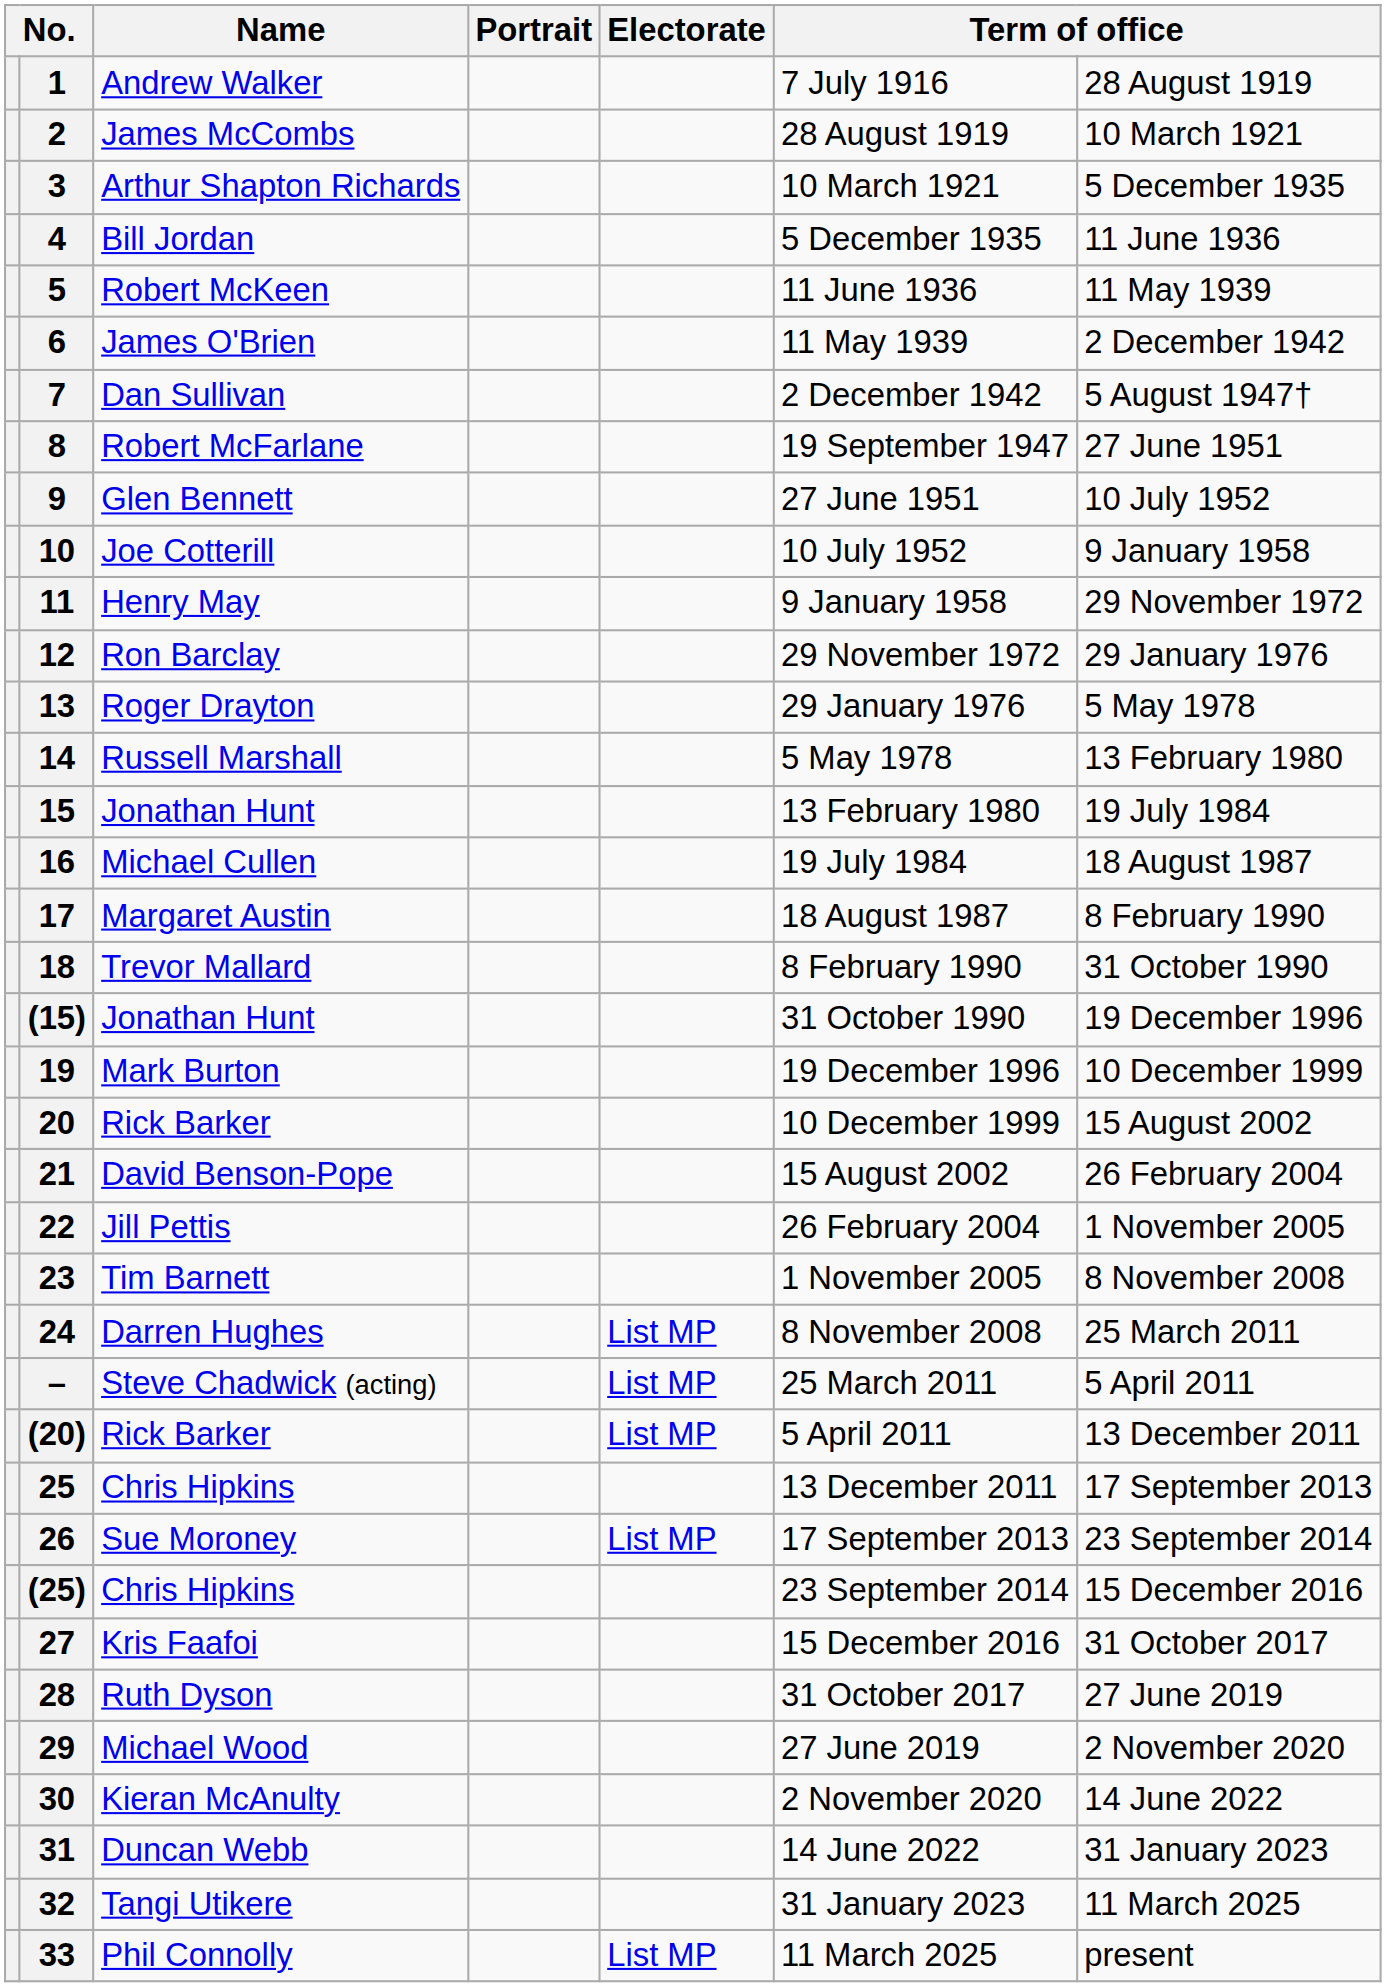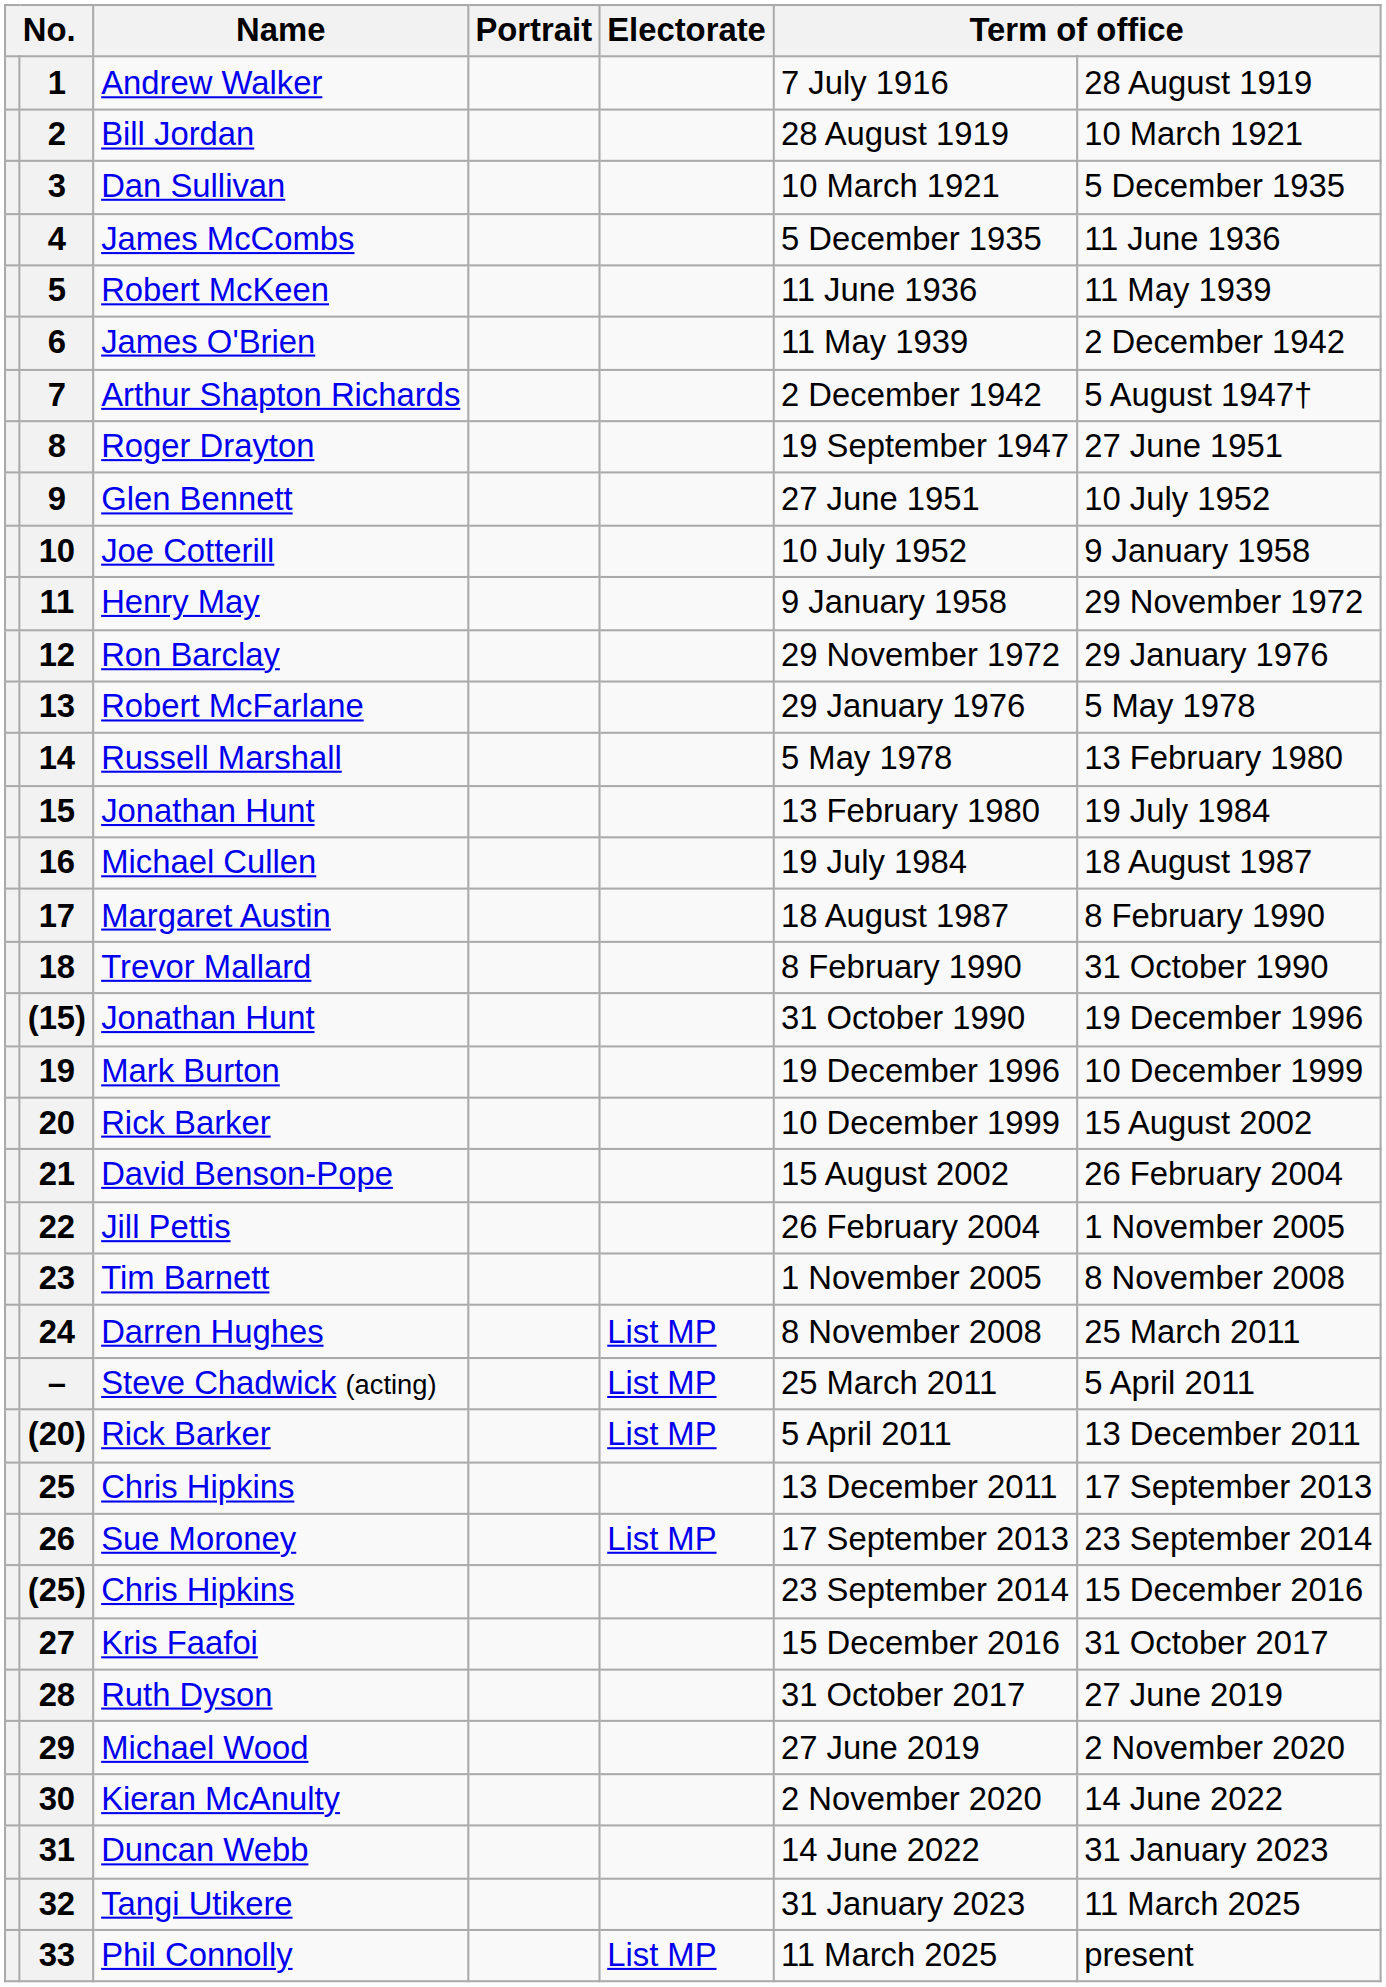 <table class="wikitable">
 <tr>
 <th colspan=2>No.</th>
 <th>Name</th>
 <th>Portrait</th>
 <th>Electorate</th>
 <th colspan=2>Term  of office</th>
 </tr>
 <tr>
 <th style="background:"></th>
 <th>1</th>
 <td><a href='#'>Andrew Walker</a></td>
 <td></td>
 <td></td>
 <td>7 July 1916</td>
 <td>28 August 1919</td>
 </tr>
 <tr>
 <th style="background:"></th>
 <th>2</th>
-<td><a href='#'>James McCombs</a></td>
+<td><a href='#'>Bill Jordan</a></td>
 <td></td>
 <td></td>
 <td>28 August 1919</td>
 <td>10 March 1921</td>
 </tr>
 <tr>
 <th style="background:"></th>
 <th>3</th>
-<td><a href='#'>Arthur Shapton Richards</a></td>
+<td><a href='#'>Dan Sullivan</a></td>
 <td></td>
 <td></td>
 <td>10 March 1921</td>
 <td>5 December 1935</td>
 </tr>
 <tr>
 <th style="background:"></th>
 <th>4</th>
-<td><a href='#'>Bill Jordan</a></td>
+<td><a href='#'>James McCombs</a></td>
 <td></td>
 <td></td>
 <td>5 December 1935</td>
 <td>11 June 1936</td>
 </tr>
 <tr>
 <th style="background:"></th>
 <th>5</th>
 <td><a href='#'>Robert McKeen</a></td>
 <td></td>
 <td></td>
 <td>11 June 1936</td>
 <td>11 May 1939</td>
 </tr>
 <tr>
 <th style="background:"></th>
 <th>6</th>
 <td><a href='#'>James O'Brien</a></td>
 <td></td>
 <td></td>
 <td>11 May 1939</td>
 <td>2 December 1942</td>
 </tr>
 <tr>
 <th style="background:"></th>
 <th>7</th>
-<td><a href='#'>Dan Sullivan</a></td>
+<td><a href='#'>Arthur Shapton Richards</a></td>
 <td></td>
 <td></td>
 <td>2 December 1942</td>
 <td>5 August 1947†</td>
 </tr>
 <tr>
 <th style="background:"></th>
 <th>8</th>
-<td><a href='#'>Robert McFarlane</a></td>
+<td><a href='#'>Roger Drayton</a></td>
 <td></td>
 <td></td>
 <td>19 September 1947</td>
 <td>27 June 1951</td>
 </tr>
 <tr>
 <th style="background:"></th>
 <th>9</th>
 <td><a href='#'>Glen Bennett</a></td>
 <td></td>
 <td></td>
 <td>27 June 1951</td>
 <td>10 July 1952</td>
 </tr>
 <tr>
 <th style="background:"></th>
 <th>10</th>
 <td><a href='#'>Joe Cotterill</a></td>
 <td></td>
 <td></td>
 <td>10 July 1952</td>
 <td>9 January 1958</td>
 </tr>
 <tr>
 <th style="background:"></th>
 <th>11</th>
 <td><a href='#'>Henry May</a></td>
 <td></td>
 <td></td>
 <td>9 January 1958</td>
 <td>29 November 1972</td>
 </tr>
 <tr>
 <th style="background:"></th>
 <th>12</th>
 <td><a href='#'>Ron Barclay</a></td>
 <td></td>
 <td></td>
 <td>29 November 1972</td>
 <td>29 January 1976</td>
 </tr>
 <tr>
 <th style="background:"></th>
 <th>13</th>
-<td><a href='#'>Roger Drayton</a></td>
+<td><a href='#'>Robert McFarlane</a></td>
 <td></td>
 <td></td>
 <td>29 January 1976</td>
 <td>5 May 1978</td>
 </tr>
 <tr>
 <th style="background:"></th>
 <th>14</th>
 <td><a href='#'>Russell Marshall</a></td>
 <td></td>
 <td></td>
 <td>5 May 1978</td>
 <td>13 February 1980</td>
 </tr>
 <tr>
 <th style="background:"></th>
 <th>15</th>
 <td><a href='#'>Jonathan Hunt</a></td>
 <td></td>
 <td></td>
 <td>13 February 1980</td>
 <td>19 July 1984</td>
 </tr>
 <tr>
 <th style="background:"></th>
 <th>16</th>
 <td><a href='#'>Michael Cullen</a></td>
 <td></td>
 <td></td>
 <td>19 July 1984</td>
 <td>18 August 1987</td>
 </tr>
 <tr>
 <th style="background:"></th>
 <th>17</th>
 <td><a href='#'>Margaret Austin</a></td>
 <td></td>
 <td></td>
 <td>18 August 1987</td>
 <td>8 February 1990</td>
 </tr>
 <tr>
 <th style="background:"></th>
 <th>18</th>
 <td><a href='#'>Trevor Mallard</a></td>
 <td></td>
 <td></td>
 <td>8 February 1990</td>
 <td>31 October 1990</td>
 </tr>
 <tr>
 <th style="background:"></th>
 <th>(15)</th>
 <td><a href='#'>Jonathan Hunt</a></td>
 <td></td>
 <td></td>
 <td>31 October 1990</td>
 <td>19 December 1996</td>
 </tr>
 <tr>
 <th style="background:"></th>
 <th>19</th>
 <td><a href='#'>Mark Burton</a></td>
 <td></td>
 <td></td>
 <td>19 December 1996</td>
 <td>10 December 1999</td>
 </tr>
 <tr>
 <th style="background:"></th>
 <th>20</th>
 <td><a href='#'>Rick Barker</a></td>
 <td></td>
 <td></td>
 <td>10 December 1999</td>
 <td>15 August 2002</td>
 </tr>
 <tr>
 <th style="background:"></th>
 <th>21</th>
 <td><a href='#'>David Benson-Pope</a></td>
 <td></td>
 <td></td>
 <td>15 August 2002</td>
 <td>26 February 2004</td>
 </tr>
 <tr>
 <th style="background:"></th>
 <th>22</th>
 <td><a href='#'>Jill Pettis</a></td>
 <td></td>
 <td></td>
 <td>26 February 2004</td>
 <td>1 November 2005</td>
 </tr>
 <tr>
 <th style="background:"></th>
 <th>23</th>
 <td><a href='#'>Tim Barnett</a></td>
 <td></td>
 <td></td>
 <td>1 November 2005</td>
 <td>8 November 2008</td>
 </tr>
 <tr>
 <th style="background:"></th>
 <th>24</th>
 <td><a href='#'>Darren Hughes</a></td>
 <td></td>
 <td><a href='#'>List MP</a></td>
 <td>8 November 2008</td>
 <td>25 March 2011</td>
 </tr>
 <tr>
 <th style="background:"></th>
 <th>–</th>
 <td><a href='#'>Steve Chadwick</a> <small>(acting)</small></td>
 <td></td>
 <td><a href='#'>List MP</a></td>
 <td>25 March 2011</td>
 <td>5 April 2011</td>
 </tr>
 <tr>
 <th style="background:"></th>
 <th>(20)</th>
 <td><a href='#'>Rick Barker</a></td>
 <td></td>
 <td><a href='#'>List MP</a></td>
 <td>5 April 2011</td>
 <td>13 December 2011</td>
 </tr>
 <tr>
 <th style="background:"></th>
 <th>25</th>
 <td><a href='#'>Chris Hipkins</a></td>
 <td></td>
 <td></td>
 <td>13 December 2011</td>
 <td>17 September 2013</td>
 </tr>
 <tr>
 <th style="background:"></th>
 <th>26</th>
 <td><a href='#'>Sue Moroney</a></td>
 <td></td>
 <td><a href='#'>List MP</a></td>
 <td>17 September 2013</td>
 <td>23 September 2014</td>
 </tr>
 <tr>
 <th style="background:"></th>
 <th>(25)</th>
 <td><a href='#'>Chris Hipkins</a></td>
 <td></td>
 <td></td>
 <td>23 September 2014</td>
 <td>15 December 2016</td>
 </tr>
 <tr>
 <th style="background:"></th>
 <th>27</th>
 <td><a href='#'>Kris Faafoi</a></td>
 <td></td>
 <td></td>
 <td>15 December 2016</td>
 <td>31 October 2017</td>
 </tr>
 <tr>
 <th style="background:"></th>
 <th>28</th>
 <td><a href='#'>Ruth Dyson</a></td>
 <td></td>
 <td></td>
 <td>31 October 2017</td>
 <td>27 June 2019</td>
 </tr>
 <tr>
 <th style="background:"></th>
 <th>29</th>
 <td><a href='#'>Michael Wood</a></td>
 <td></td>
 <td></td>
 <td>27 June 2019</td>
 <td>2 November 2020</td>
 </tr>
 <tr>
 <th style="background:"></th>
 <th>30</th>
 <td><a href='#'>Kieran McAnulty</a></td>
 <td></td>
 <td></td>
 <td>2 November 2020</td>
 <td>14 June 2022</td>
 </tr>
 <tr>
 <th style="background:"></th>
 <th>31</th>
 <td><a href='#'>Duncan Webb</a></td>
 <td></td>
 <td></td>
 <td>14 June 2022</td>
 <td>31 January 2023</td>
 </tr>
 <tr>
 <th style="background:"></th>
 <th>32</th>
 <td><a href='#'>Tangi Utikere</a></td>
 <td></td>
 <td></td>
 <td>31 January 2023</td>
 <td>11 March 2025</td>
 </tr>
 <tr>
 <th style="background:"></th>
 <th>33</th>
 <td><a href='#'>Phil Connolly</a></td>
 <td></td>
 <td><a href='#'>List MP</a></td>
 <td>11 March 2025</td>
 <td>present</td>
 </tr>
 </table>
